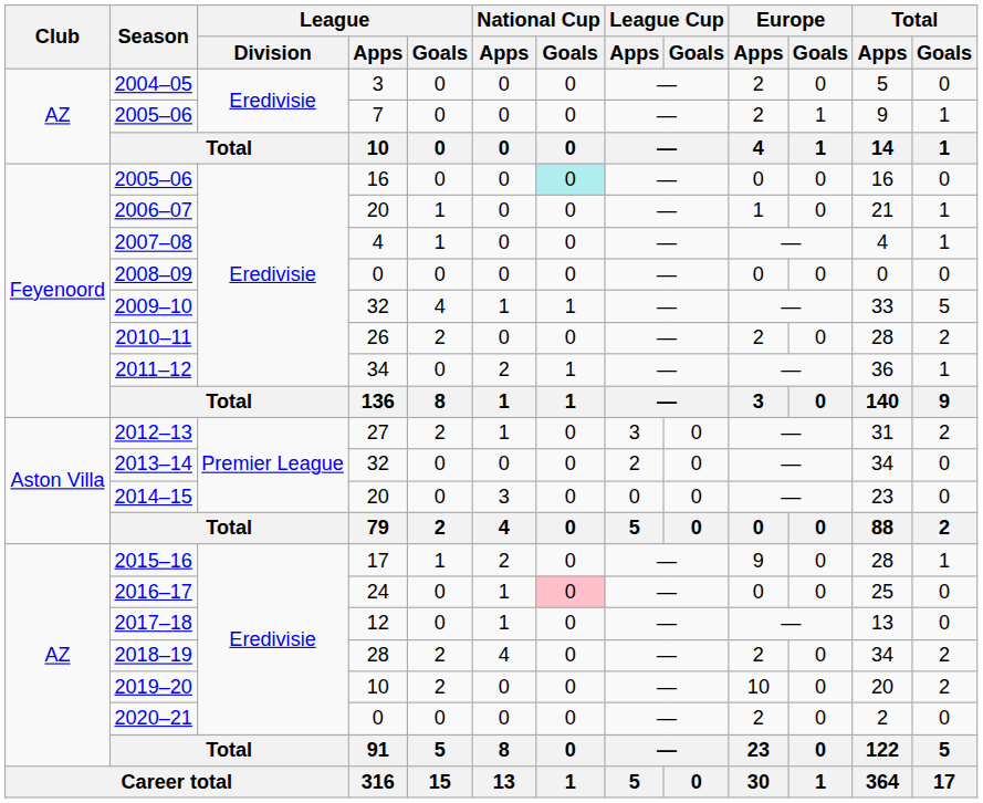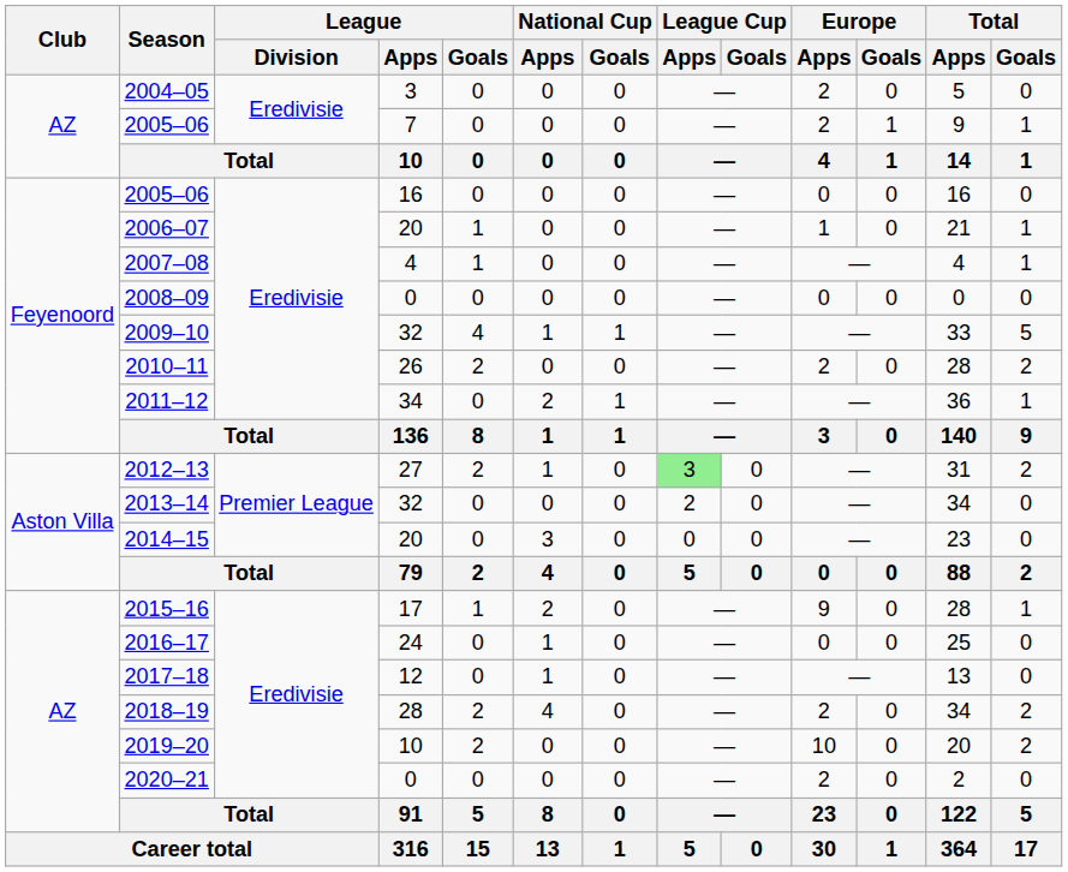 <table class="wikitable" style="text-align:center">
 <tr>
 <th rowspan="2">Club</th>
 <th rowspan="2">Season</th>
 <th colspan="3">League</th>
 <th colspan="2">National Cup</th>
 <th colspan="2">League Cup</th>
 <th colspan="2">Europe</th>
 <th colspan="2">Total</th>
 </tr>
 <tr>
 <th>Division</th>
 <th>Apps</th>
 <th>Goals</th>
 <th>Apps</th>
 <th>Goals</th>
 <th>Apps</th>
 <th>Goals</th>
 <th>Apps</th>
 <th>Goals</th>
 <th>Apps</th>
 <th>Goals</th>
 </tr>
 <tr>
 <td rowspan="3"><a href='#'>AZ</a></td>
 <td><a href='#'>2004–05</a></td>
 <td rowspan="2"><a href='#'>Eredivisie</a></td>
 <td>3</td>
 <td>0</td>
 <td>0</td>
 <td>0</td>
 <td colspan="2">—</td>
 <td>2</td>
 <td>0</td>
 <td>5</td>
 <td>0</td>
 </tr>
 <tr>
 <td><a href='#'>2005–06</a></td>
 <td>7</td>
 <td>0</td>
 <td>0</td>
 <td>0</td>
 <td colspan="2">—</td>
 <td>2</td>
 <td>1</td>
 <td>9</td>
 <td>1</td>
 </tr>
 <tr>
 <th colspan="2">Total</th>
 <th>10</th>
 <th>0</th>
 <th>0</th>
 <th>0</th>
 <th colspan="2">—</th>
 <th>4</th>
 <th>1</th>
 <th>14</th>
 <th>1</th>
 </tr>
 <tr>
 <td rowspan="8"><a href='#'>Feyenoord</a></td>
 <td><a href='#'>2005–06</a></td>
 <td rowspan="7"><a href='#'>Eredivisie</a></td>
 <td>16</td>
 <td>0</td>
 <td>0</td>
-<td style="background: paleturquoise;">0</td>
+<td>0</td>
 <td colspan="2">—</td>
 <td>0</td>
 <td>0</td>
 <td>16</td>
 <td>0</td>
 </tr>
 <tr>
 <td><a href='#'>2006–07</a></td>
 <td>20</td>
 <td>1</td>
 <td>0</td>
 <td>0</td>
 <td colspan="2">—</td>
 <td>1</td>
 <td>0</td>
 <td>21</td>
 <td>1</td>
 </tr>
 <tr>
 <td><a href='#'>2007–08</a></td>
 <td>4</td>
 <td>1</td>
 <td>0</td>
 <td>0</td>
 <td colspan="2">—</td>
 <td colspan="2">—</td>
 <td>4</td>
 <td>1</td>
 </tr>
 <tr>
 <td><a href='#'>2008–09</a></td>
 <td>0</td>
 <td>0</td>
 <td>0</td>
 <td>0</td>
 <td colspan="2">—</td>
 <td>0</td>
 <td>0</td>
 <td>0</td>
 <td>0</td>
 </tr>
 <tr>
 <td><a href='#'>2009–10</a></td>
 <td>32</td>
 <td>4</td>
 <td>1</td>
 <td>1</td>
 <td colspan="2">—</td>
 <td colspan="2">—</td>
 <td>33</td>
 <td>5</td>
 </tr>
 <tr>
 <td><a href='#'>2010–11</a></td>
 <td>26</td>
 <td>2</td>
 <td>0</td>
 <td>0</td>
 <td colspan="2">—</td>
 <td>2</td>
 <td>0</td>
 <td>28</td>
 <td>2</td>
 </tr>
 <tr>
 <td><a href='#'>2011–12</a></td>
 <td>34</td>
 <td>0</td>
 <td>2</td>
 <td>1</td>
 <td colspan="2">—</td>
 <td colspan="2">—</td>
 <td>36</td>
 <td>1</td>
 </tr>
 <tr>
 <th colspan="2">Total</th>
 <th>136</th>
 <th>8</th>
 <th>1</th>
 <th>1</th>
 <th colspan="2">—</th>
 <th>3</th>
 <th>0</th>
 <th>140</th>
 <th>9</th>
 </tr>
 <tr>
 <td rowspan="4"><a href='#'>Aston Villa</a></td>
 <td><a href='#'>2012–13</a></td>
 <td rowspan="3"><a href='#'>Premier League</a></td>
 <td>27</td>
 <td>2</td>
 <td>1</td>
 <td>0</td>
-<td>3</td>
+<td style="background: lightgreen;">3</td>
 <td>0</td>
 <td colspan="2">—</td>
 <td>31</td>
 <td>2</td>
 </tr>
 <tr>
 <td><a href='#'>2013–14</a></td>
 <td>32</td>
 <td>0</td>
 <td>0</td>
 <td>0</td>
 <td>2</td>
 <td>0</td>
 <td colspan="2">—</td>
 <td>34</td>
 <td>0</td>
 </tr>
 <tr>
 <td><a href='#'>2014–15</a></td>
 <td>20</td>
 <td>0</td>
 <td>3</td>
 <td>0</td>
 <td>0</td>
 <td>0</td>
 <td colspan="2">—</td>
 <td>23</td>
 <td>0</td>
 </tr>
 <tr>
 <th colspan="2">Total</th>
 <th>79</th>
 <th>2</th>
 <th>4</th>
 <th>0</th>
 <th>5</th>
 <th>0</th>
 <th>0</th>
 <th>0</th>
 <th>88</th>
 <th>2</th>
 </tr>
 <tr>
 <td rowspan="7"><a href='#'>AZ</a></td>
 <td><a href='#'>2015–16</a></td>
 <td rowspan="6"><a href='#'>Eredivisie</a></td>
 <td>17</td>
 <td>1</td>
 <td>2</td>
 <td>0</td>
 <td colspan="2">—</td>
 <td>9</td>
 <td>0</td>
 <td>28</td>
 <td>1</td>
 </tr>
 <tr>
 <td><a href='#'>2016–17</a></td>
 <td>24</td>
 <td>0</td>
 <td>1</td>
-<td style="background: pink;">0</td>
+<td>0</td>
 <td colspan="2">—</td>
 <td>0</td>
 <td>0</td>
 <td>25</td>
 <td>0</td>
 </tr>
 <tr>
 <td><a href='#'>2017–18</a></td>
 <td>12</td>
 <td>0</td>
 <td>1</td>
 <td>0</td>
 <td colspan="2">—</td>
 <td colspan="2">—</td>
 <td>13</td>
 <td>0</td>
 </tr>
 <tr>
 <td><a href='#'>2018–19</a></td>
 <td>28</td>
 <td>2</td>
 <td>4</td>
 <td>0</td>
 <td colspan="2">—</td>
 <td>2</td>
 <td>0</td>
 <td>34</td>
 <td>2</td>
 </tr>
 <tr>
 <td><a href='#'>2019–20</a></td>
 <td>10</td>
 <td>2</td>
 <td>0</td>
 <td>0</td>
 <td colspan="2">—</td>
 <td>10</td>
 <td>0</td>
 <td>20</td>
 <td>2</td>
 </tr>
 <tr>
 <td><a href='#'>2020–21</a></td>
 <td>0</td>
 <td>0</td>
 <td>0</td>
 <td>0</td>
 <td colspan="2">—</td>
 <td>2</td>
 <td>0</td>
 <td>2</td>
 <td>0</td>
 </tr>
 <tr>
 <th colspan="2">Total</th>
 <th>91</th>
 <th>5</th>
 <th>8</th>
 <th>0</th>
 <th colspan="2">—</th>
 <th>23</th>
 <th>0</th>
 <th>122</th>
 <th>5</th>
 </tr>
 <tr>
 <th colspan="3">Career total</th>
 <th>316</th>
 <th>15</th>
 <th>13</th>
 <th>1</th>
 <th>5</th>
 <th>0</th>
 <th>30</th>
 <th>1</th>
 <th>364</th>
 <th>17</th>
 </tr>
 </table>
